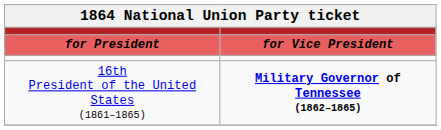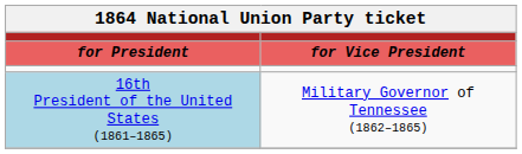 <table class="wikitable" style="font-size:90%; text-align:center;">
 <tr>
 <td style="background:#f1f1f1;" colspan="30"><big><strong>1864 National Union Party ticket</strong></big></td>
 </tr>
 <tr>
 <th style="width:3em; font-size:135%; background:#B22222; width:200px;"><a href='#'></a></th>
 <th style="width:3em; font-size:135%; background:#B22222; width:200px;"><a href='#'></a></th>
 </tr>
 <tr style="color:#000000; font-size:100%;">
 <td style="width:3em; font-size:100%; color:#000000; background:#EA6060; width:200px;"><strong><em>for President</em></strong></td>
 <td style="width:3em; font-size:100%; color:#000000; background:#EA6060; width:200px;"><strong><em>for Vice President</em></strong></td>
 </tr>
 <tr>
 <td></td>
 <td></td>
 </tr>
 <tr>
-<td><a href='#'>16th</a><br><a href='#'>President of the United States</a><br><small>(1861–1865)</small></td>
-<td><strong><a href='#'>Military Governor</a> of <a href='#'>Tennessee</a><br><small>(1862–1865)</small></strong></td>
+<td style="background: lightblue;"><a href='#'>16th</a><br><a href='#'>President of the United States</a><br><small>(1861–1865)</small></td>
+<td><a href='#'>Military Governor</a> of <a href='#'>Tennessee</a><br><small>(1862–1865)</small></td>
 </tr>
 <tr>
 </tr>
 </table>
